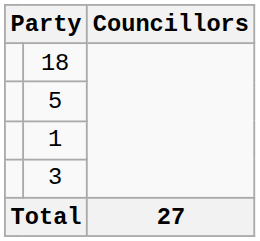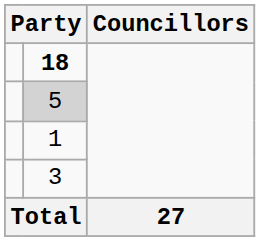 <table class="wikitable">
 <tr>
 <th colspan=2>Party</th>
 <th>Councillors</th>
 </tr>
 <tr>
 <td></td>
-<td align=center>18</td>
+<td align=center><strong>18</strong></td>
 </tr>
 <tr>
 <td></td>
-<td align=center>5</td>
+<td align=center style="background: lightgrey;">5</td>
 </tr>
 <tr>
 <td></td>
 <td align=center>1</td>
 </tr>
 <tr>
 <td></td>
 <td align=center>3</td>
 </tr>
 <tr>
 <th colspan=2>Total</th>
 <th align=center>27</th>
 </tr>
 </table>
